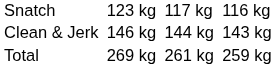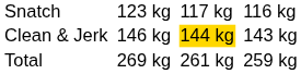 <table>
 <tr>
 <td>Snatch</td>
 <td></td>
 <td>123 kg</td>
 <td></td>
 <td>117 kg</td>
 <td></td>
 <td>116 kg</td>
 </tr>
 <tr>
 <td>Clean & Jerk</td>
 <td></td>
 <td>146 kg</td>
 <td></td>
-<td>144 kg</td>
+<td style="background: gold;">144 kg</td>
 <td></td>
 <td>143 kg</td>
 </tr>
 <tr>
 <td>Total</td>
 <td></td>
 <td>269 kg</td>
 <td></td>
 <td>261 kg</td>
 <td></td>
 <td>259 kg</td>
 </tr>
 </table>
